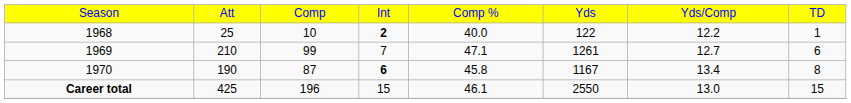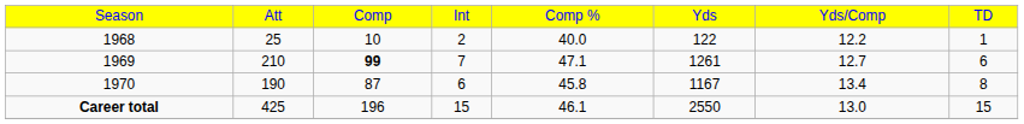 <table class="wikitable" width="90%">
 <tr align="center"  style="background:yellow;color:blue;">
 <td>Season</td>
 <td>Att</td>
 <td>Comp</td>
 <td>Int</td>
 <td>Comp %</td>
 <td>Yds</td>
 <td>Yds/Comp</td>
 <td>TD</td>
 </tr>
 <tr align="center" bgcolor="">
 <td>1968</td>
 <td>25</td>
 <td>10</td>
-<td><strong>2</strong></td>
+<td>2</td>
 <td>40.0</td>
 <td>122</td>
 <td>12.2</td>
 <td>1</td>
 </tr>
 <tr align="center" bgcolor="">
 <td>1969</td>
 <td>210</td>
-<td>99</td>
+<td><strong>99</strong></td>
 <td>7</td>
 <td>47.1</td>
 <td>1261</td>
 <td>12.7</td>
 <td>6</td>
 </tr>
 <tr align="center" bgcolor="">
 <td>1970</td>
 <td>190</td>
 <td>87</td>
-<td><strong>6</strong></td>
+<td>6</td>
 <td>45.8</td>
 <td>1167</td>
 <td>13.4</td>
 <td>8</td>
 </tr>
 <tr align="center" bgcolor="">
 <td><strong>Career total</strong></td>
 <td>425</td>
 <td>196</td>
 <td>15</td>
 <td>46.1</td>
 <td>2550</td>
 <td>13.0</td>
 <td>15</td>
 </tr>
 <tr align="center" bgcolor="">
 </tr>
 </table>
